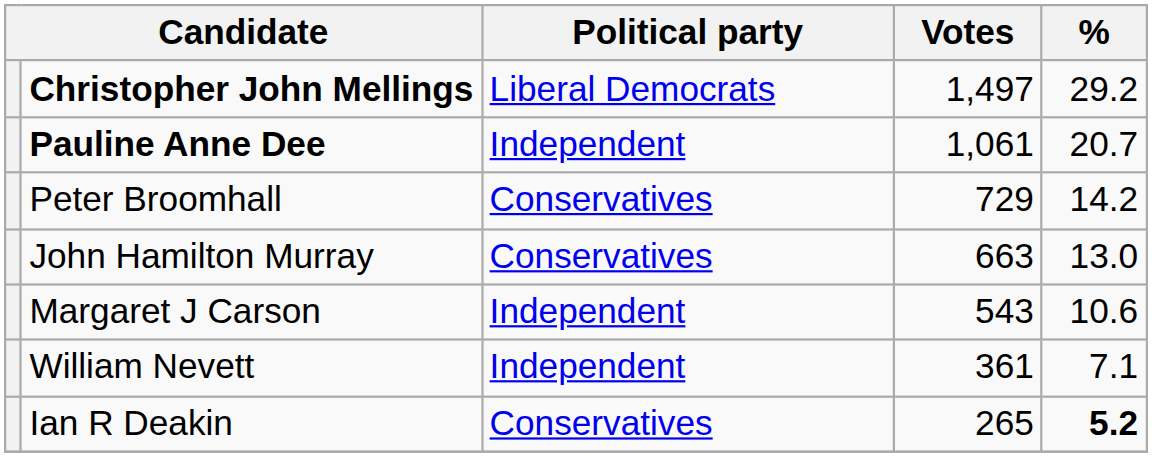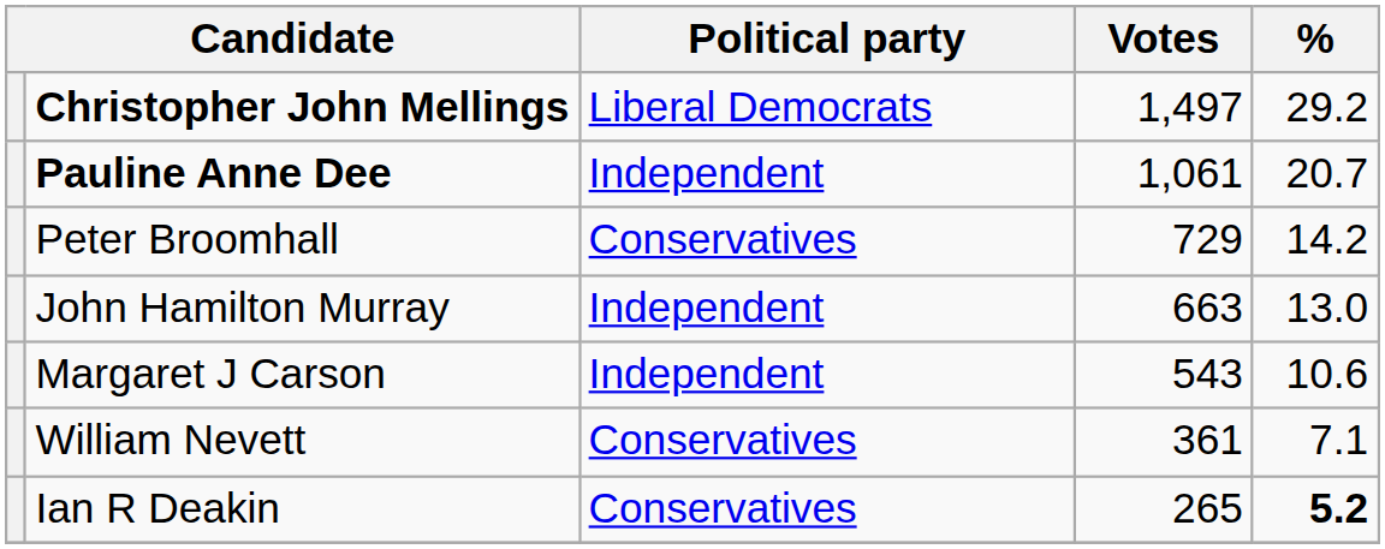 <table class="wikitable">
 <tr>
 <th valign=top colspan="2" style="width: 180px">Candidate</th>
 <th valign=top style="width: 180px">Political party</th>
 <th valign=top style="width: 60px">Votes</th>
 <th valign=top style="width: 40px">%</th>
 </tr>
 <tr>
 <th style="background-color: "></th>
 <td><strong>Christopher John Mellings</strong></td>
 <td><a href='#'>Liberal Democrats</a></td>
 <td align="right">1,497</td>
 <td align="right">29.2</td>
 </tr>
 <tr>
 <th style="background-color: "></th>
 <td><strong>Pauline Anne Dee</strong></td>
 <td><a href='#'>Independent</a></td>
 <td align="right">1,061</td>
 <td align="right">20.7</td>
 </tr>
 <tr>
 <th style="background-color: "></th>
 <td>Peter Broomhall</td>
 <td><a href='#'>Conservatives</a></td>
 <td align="right">729</td>
 <td align="right">14.2</td>
 </tr>
 <tr>
 <th style="background-color: "></th>
 <td>John Hamilton Murray</td>
-<td><a href='#'>Conservatives</a></td>
+<td><a href='#'>Independent</a></td>
 <td align="right">663</td>
 <td align="right">13.0</td>
 </tr>
 <tr>
 <th style="background-color: "></th>
 <td>Margaret J Carson</td>
 <td><a href='#'>Independent</a></td>
 <td align="right">543</td>
 <td align="right">10.6</td>
 </tr>
 <tr>
 <th style="background-color: "></th>
 <td>William Nevett</td>
-<td><a href='#'>Independent</a></td>
+<td><a href='#'>Conservatives</a></td>
 <td align="right">361</td>
 <td align="right">7.1</td>
 </tr>
 <tr>
 <th style="background-color: "></th>
 <td>Ian R Deakin</td>
 <td><a href='#'>Conservatives</a></td>
 <td align="right">265</td>
 <td align="right"><strong>5.2</strong></td>
 </tr>
 <tr>
 </tr>
 </table>
